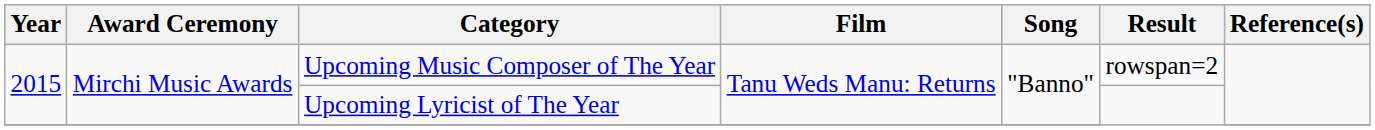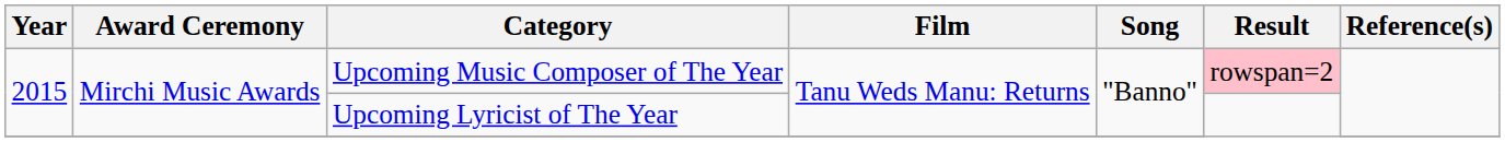 <table class="wikitable">
 <tr>
 <th>Year</th>
 <th>Award Ceremony</th>
 <th>Category</th>
 <th>Film</th>
 <th>Song</th>
 <th>Result</th>
 <th>Reference(s)</th>
 </tr>
 <tr>
 <td rowspan="2"><a href='#'>2015</a></td>
 <td rowspan="2"><a href='#'>Mirchi Music Awards</a></td>
 <td><a href='#'>Upcoming Music Composer of The Year</a></td>
 <td rowspan="2"><a href='#'>Tanu Weds Manu: Returns</a></td>
 <td rowspan="2">"Banno"</td>
-<td>rowspan=2 </td>
+<td style="background: pink;">rowspan=2 </td>
 <td rowspan="2"></td>
 </tr>
 <tr>
 <td><a href='#'>Upcoming Lyricist of The Year</a></td>
 </tr>
 <tr>
 </tr>
 </table>
